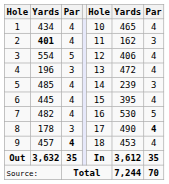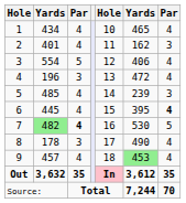 <table class="wikitable" style="text-align:center; font-size:100%">
 <tr>
 <th>Hole</th>
 <th>Yards</th>
 <th>Par</th>
 <th></th>
 <th>Hole</th>
 <th>Yards</th>
 <th>Par</th>
 </tr>
 <tr>
 <td>1</td>
 <td>434</td>
 <td>4</td>
 <td rowspan=10 style="background:#E6E8FA;"></td>
 <td>10</td>
 <td>465</td>
 <td>4</td>
 </tr>
 <tr>
 <td>2</td>
-<td><strong>401</strong></td>
+<td>401</td>
 <td>4</td>
 <td>11</td>
 <td>162</td>
 <td>3</td>
 </tr>
 <tr>
 <td>3</td>
 <td>554</td>
 <td>5</td>
 <td>12</td>
 <td>406</td>
 <td>4</td>
 </tr>
 <tr>
 <td>4</td>
 <td>196</td>
 <td>3</td>
 <td>13</td>
 <td>472</td>
 <td>4</td>
 </tr>
 <tr>
 <td>5</td>
 <td>485</td>
 <td>4</td>
 <td>14</td>
 <td>239</td>
 <td>3</td>
 </tr>
 <tr>
 <td>6</td>
 <td>445</td>
 <td>4</td>
 <td>15</td>
 <td>395</td>
-<td>4</td>
+<td><strong>4</strong></td>
 </tr>
 <tr>
 <td>7</td>
-<td>482</td>
-<td>4</td>
+<td style="background: lightgreen;">482</td>
+<td><strong>4</strong></td>
 <td>16</td>
 <td>530</td>
 <td>5</td>
 </tr>
 <tr>
 <td>8</td>
 <td>178</td>
 <td>3</td>
 <td>17</td>
 <td>490</td>
-<td><strong>4</strong></td>
+<td>4</td>
 </tr>
 <tr>
 <td>9</td>
 <td>457</td>
-<td><strong>4</strong></td>
+<td>4</td>
 <td>18</td>
-<td>453</td>
+<td style="background: lightgreen;">453</td>
 <td>4</td>
 </tr>
 <tr>
 <td><strong>Out</strong></td>
 <td><strong>3,632</strong></td>
 <td><strong>35</strong></td>
-<td><strong>In</strong></td>
+<td style="background: pink;"><strong>In</strong></td>
 <td><strong>3,612</strong></td>
 <td><strong>35</strong></td>
 </tr>
 <tr>
 <td colspan=2 align=left><small>Source:</small></td>
 <td colspan=3><strong>Total</strong></td>
 <td><strong>7,244</strong></td>
 <td><strong>70</strong></td>
 </tr>
 </table>
